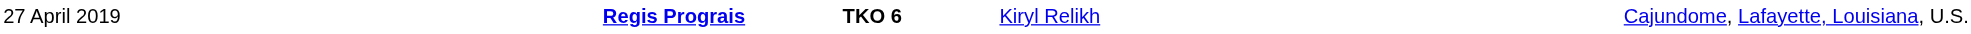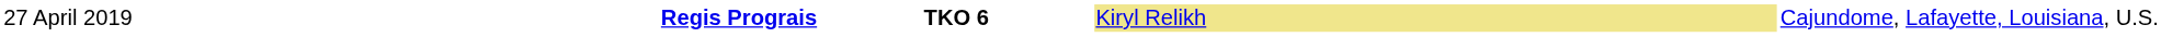 <table cellspacing="1" style="width:100%;">
 <tr>
 <th width="15%"></th>
 <th width="25%"></th>
 <th width="10%"></th>
 <th width="25%"></th>
 </tr>
 <tr style="font-size:100%">
 <td align="right">27 April 2019</td>
 <td align="right"><strong><a href='#'>Regis Prograis</a> </strong></td>
 <td align="center"><strong>TKO 6</strong></td>
-<td> <a href='#'>Kiryl Relikh</a></td>
+<td style="background: khaki;"> <a href='#'>Kiryl Relikh</a></td>
 <td><a href='#'>Cajundome</a>, <a href='#'>Lafayette, Louisiana</a>, U.S.</td>
 </tr>
 </table>
